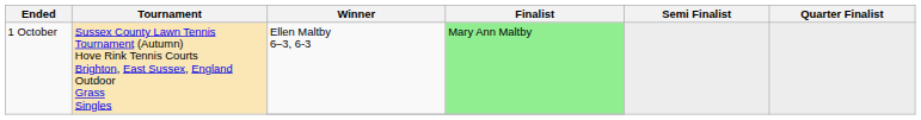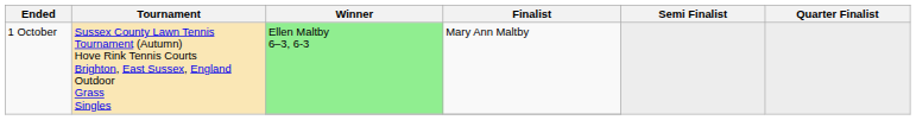 <table class="wikitable" style="font-size:85%;">
 <tr>
 <th width="75">Ended</th>
 <th width="230">Tournament</th>
 <th width="210">Winner</th>
 <th width="210">Finalist</th>
 <th width="170">Semi Finalist</th>
 <th width="170">Quarter Finalist</th>
 </tr>
 <tr valign=top>
 <td rowspan=2>1 October </td>
 <td rowspan="2" style="background:#fae7b5"><a href='#'>Sussex County Lawn Tennis Tournament</a> (Autumn)<br>Hove Rink Tennis Courts<br><a href='#'>Brighton</a>, <a href='#'>East Sussex</a>, <a href='#'>England</a><br>Outdoor<br><a href='#'>Grass</a><br><a href='#'>Singles</a></td>
-<td> Ellen Maltby<br> 6–3, 6-3</td>
-<td style="background: lightgreen;"> Mary Ann Maltby</td>
+<td style="background: lightgreen;"> Ellen Maltby<br> 6–3, 6-3</td>
+<td> Mary Ann Maltby</td>
 <td style="background:#ededed;" rowspan=2></td>
 <td style="background:#ededed;" rowspan=2></td>
 </tr>
 <tr valign="top">
 </tr>
 </table>
